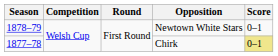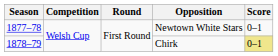 <table class="wikitable">
 <tr>
 <th>Season</th>
 <th>Competition</th>
 <th>Round</th>
 <th>Opposition</th>
 <th>Score</th>
 </tr>
 <tr>
-<td><a href='#'>1878–79</a></td>
+<td><a href='#'>1877–78</a></td>
 <td rowspan="2"><a href='#'>Welsh Cup</a></td>
 <td rowspan="2">First Round</td>
 <td>Newtown White Stars</td>
 <td>0–1</td>
 </tr>
 <tr>
-<td><a href='#'>1877–78</a></td>
+<td><a href='#'>1878–79</a></td>
 <td>Chirk</td>
 <td style="background: khaki;">0–1</td>
 </tr>
 </table>
